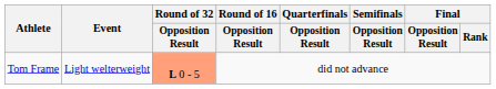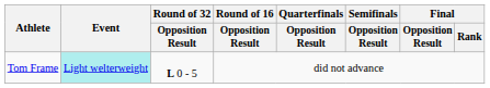 <table class="wikitable" style="font-size:90%; text-align:center">
 <tr>
 <th rowspan=2>Athlete</th>
 <th rowspan=2>Event</th>
 <th>Round of 32</th>
 <th>Round of 16</th>
 <th>Quarterfinals</th>
 <th>Semifinals</th>
 <th colspan=2>Final</th>
 </tr>
 <tr style="font-size:95%">
 <th>Opposition<br>Result</th>
 <th>Opposition<br>Result</th>
 <th>Opposition<br>Result</th>
 <th>Opposition<br>Result</th>
 <th>Opposition<br>Result</th>
 <th>Rank</th>
 </tr>
 <tr>
 <td align=left><a href='#'>Tom Frame</a></td>
-<td align=left><a href='#'>Light welterweight</a></td>
-<td style="background: lightsalmon;"><br><strong>L</strong> 0 - 5</td>
+<td align=left style="background: paleturquoise;"><a href='#'>Light welterweight</a></td>
+<td><br><strong>L</strong> 0 - 5</td>
 <td colspan=5>did not advance</td>
 </tr>
 </table>
